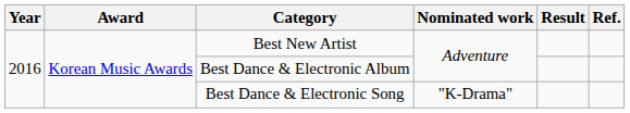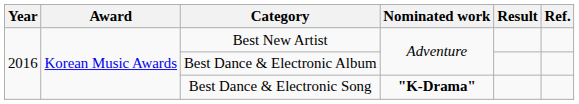 <table class="wikitable" style="text-align:center;">
 <tr>
 <th>Year</th>
 <th>Award</th>
 <th>Category</th>
 <th>Nominated work</th>
 <th>Result</th>
 <th>Ref.</th>
 </tr>
 <tr>
 <td rowspan="3">2016</td>
 <td rowspan="3"><a href='#'>Korean Music Awards</a></td>
 <td>Best New Artist</td>
 <td rowspan="2"><em>Adventure</em></td>
 <td></td>
 <td></td>
 </tr>
 <tr>
 <td>Best Dance & Electronic Album</td>
 <td></td>
 <td></td>
 </tr>
 <tr>
 <td>Best Dance & Electronic Song</td>
-<td>"K-Drama"</td>
+<td><strong>"K-Drama"</strong></td>
 <td></td>
 <td></td>
 </tr>
 </table>
